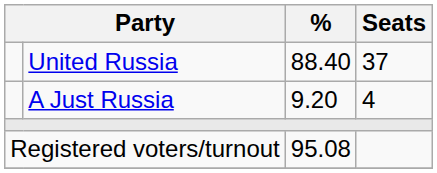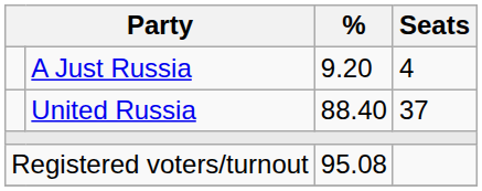 <table class="wikitable">
 <tr>
 <th colspan=2>Party</th>
 <th>%</th>
 <th>Seats</th>
 </tr>
 <tr>
 <td style="background:"></td>
+<td><a href='#'>A Just Russia</a></td>
+<td>9.20</td>
+<td>4</td>
+</tr>
+<tr>
+<td style="background:"></td>
 <td><a href='#'>United Russia</a></td>
 <td>88.40</td>
 <td>37</td>
-</tr>
-<tr>
-<td style="background:"></td>
-<td><a href='#'>A Just Russia</a></td>
-<td>9.20</td>
-<td>4</td>
 </tr>
 <tr>
 <td colspan=4 style="background:#E9E9E9;"></td>
 </tr>
 <tr>
 <td align=left colspan=2>Registered voters/turnout</td>
 <td>95.08</td>
 <td></td>
 </tr>
 <tr>
 </tr>
 </table>
